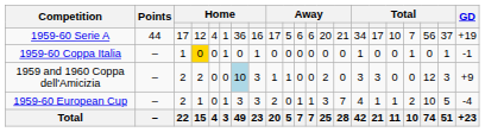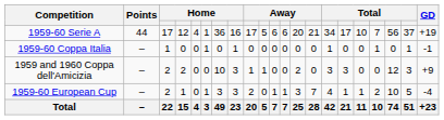 <table class="wikitable" style="font-size:90%;width:100%;margin:auto;clear:both;text-align:center;">
 <tr>
 <th rowspan="2">Competition</th>
 <th rowspan="2">Points</th>
 <th colspan="6">Home</th>
 <th colspan="6">Away</th>
 <th colspan="6">Total</th>
 <th rowspan="2"><a href='#'>GD</a></th>
 </tr>
 <tr>
 <th></th>
 <th></th>
 <th></th>
 <th></th>
 <th></th>
 <th></th>
 <th></th>
 <th></th>
 <th></th>
 <th></th>
 <th></th>
 <th></th>
 <th></th>
 <th></th>
 <th></th>
 <th></th>
 <th></th>
 <th></th>
 </tr>
 <tr>
 <td><a href='#'>1959-60 Serie A</a></td>
 <td>44</td>
 <td>17</td>
 <td>12</td>
 <td>4</td>
 <td>1</td>
 <td>36</td>
 <td>16</td>
 <td>17</td>
 <td>5</td>
 <td>6</td>
 <td>6</td>
 <td>20</td>
 <td>21</td>
 <td>34</td>
 <td>17</td>
 <td>10</td>
 <td>7</td>
 <td>56</td>
 <td>37</td>
 <td>+19</td>
 </tr>
 <tr>
 <td><a href='#'>1959-60 Coppa Italia</a></td>
 <td>–</td>
 <td>1</td>
-<td style="background: gold;">0</td>
+<td>0</td>
 <td>0</td>
 <td>1</td>
 <td>0</td>
 <td>1</td>
 <td>0</td>
 <td>0</td>
 <td>0</td>
 <td>0</td>
 <td>0</td>
 <td>0</td>
 <td>1</td>
 <td>0</td>
 <td>0</td>
 <td>1</td>
 <td>0</td>
 <td>1</td>
 <td>-1</td>
 </tr>
 <tr>
 <td>1959 and 1960 Coppa dell'Amicizia</td>
 <td>–</td>
 <td>2</td>
 <td>2</td>
 <td>0</td>
 <td>0</td>
-<td style="background: lightblue;">10</td>
+<td>10</td>
 <td>3</td>
 <td>1</td>
 <td>1</td>
 <td>0</td>
 <td>0</td>
 <td>2</td>
 <td>0</td>
 <td>3</td>
 <td>3</td>
 <td>0</td>
 <td>0</td>
 <td>12</td>
 <td>3</td>
 <td>+9</td>
 </tr>
 <tr>
 <td><a href='#'>1959-60 European Cup</a></td>
 <td>–</td>
 <td>2</td>
 <td>1</td>
 <td>0</td>
 <td>1</td>
 <td>3</td>
 <td>3</td>
 <td>2</td>
 <td>0</td>
 <td>1</td>
 <td>1</td>
 <td>3</td>
 <td>7</td>
 <td>4</td>
 <td>1</td>
 <td>1</td>
 <td>2</td>
 <td>10</td>
 <td>5</td>
 <td>-4</td>
 </tr>
 <tr>
 <th>Total</th>
 <th>–</th>
 <th>22</th>
 <th>15</th>
 <th>4</th>
 <th>3</th>
 <th>49</th>
 <th>23</th>
 <th>20</th>
 <th>5</th>
 <th>7</th>
 <th>7</th>
 <th>25</th>
 <th>28</th>
 <th>42</th>
 <th>21</th>
 <th>11</th>
 <th>10</th>
 <th>74</th>
 <th>51</th>
 <th>+23</th>
 </tr>
 </table>
